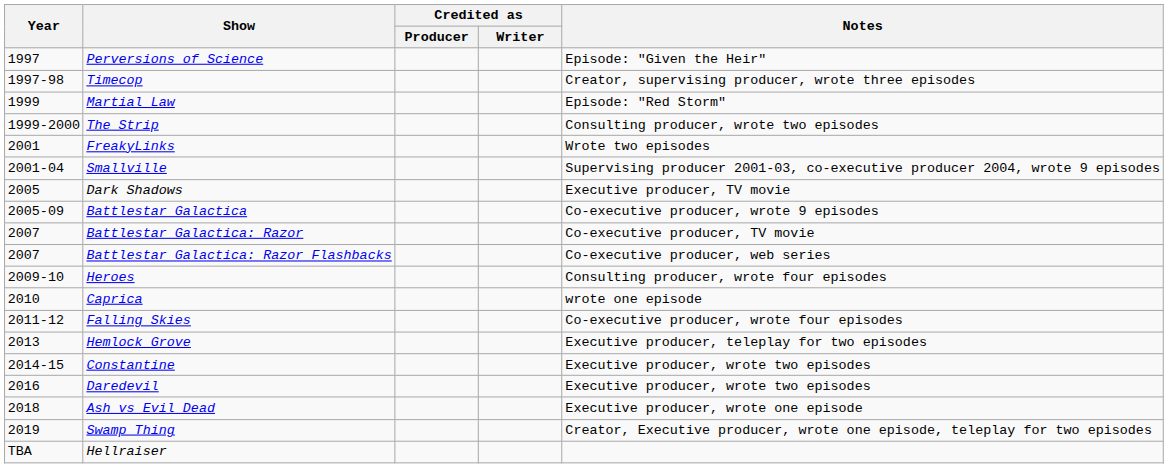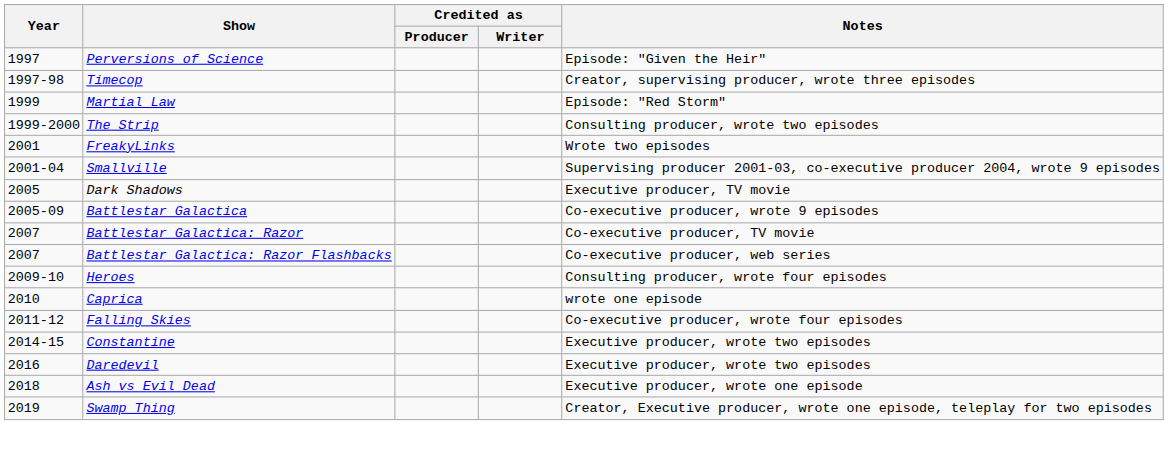 <table class="wikitable sortable">
 <tr>
 <th rowspan=2 style="width 33:px;">Year</th>
 <th rowspan=2>Show</th>
 <th colspan=2>Credited as</th>
 <th rowspan=2>Notes</th>
 </tr>
 <tr>
 <th width=75>Producer</th>
 <th width=75>Writer</th>
 </tr>
 <tr>
 <td>1997</td>
 <td><em><a href='#'>Perversions of Science</a></em></td>
 <td></td>
 <td></td>
 <td>Episode: "Given the Heir"</td>
 </tr>
 <tr>
 <td>1997-98</td>
 <td><em><a href='#'>Timecop</a></em></td>
 <td></td>
 <td></td>
 <td>Creator, supervising producer, wrote three episodes</td>
 </tr>
 <tr>
 <td>1999</td>
 <td><em><a href='#'>Martial Law</a></em></td>
 <td></td>
 <td></td>
 <td>Episode: "Red Storm"</td>
 </tr>
 <tr>
 <td>1999-2000</td>
 <td><em><a href='#'>The Strip</a></em></td>
 <td></td>
 <td></td>
 <td>Consulting producer, wrote two episodes</td>
 </tr>
 <tr>
 <td>2001</td>
 <td><em><a href='#'>FreakyLinks</a></em></td>
 <td></td>
 <td></td>
 <td>Wrote two episodes</td>
 </tr>
 <tr>
 <td>2001-04</td>
 <td><em><a href='#'>Smallville</a></em></td>
 <td></td>
 <td></td>
 <td>Supervising producer 2001-03, co-executive producer 2004, wrote 9 episodes</td>
 </tr>
 <tr>
 <td>2005</td>
 <td><em>Dark Shadows</em></td>
 <td></td>
 <td></td>
 <td>Executive producer, TV movie</td>
 </tr>
 <tr>
 <td>2005-09</td>
 <td><em><a href='#'>Battlestar Galactica</a></em></td>
 <td></td>
 <td></td>
 <td>Co-executive producer, wrote 9 episodes</td>
 </tr>
 <tr>
 <td>2007</td>
 <td><em><a href='#'>Battlestar Galactica: Razor</a></em></td>
 <td></td>
 <td></td>
 <td>Co-executive producer, TV movie</td>
 </tr>
 <tr>
 <td>2007</td>
 <td><em><a href='#'>Battlestar Galactica: Razor Flashbacks</a></em></td>
 <td></td>
 <td></td>
 <td>Co-executive producer, web series</td>
 </tr>
 <tr>
 <td>2009-10</td>
 <td><em><a href='#'>Heroes</a></em></td>
 <td></td>
 <td></td>
 <td>Consulting producer, wrote four episodes</td>
 </tr>
 <tr>
 <td>2010</td>
 <td><em><a href='#'>Caprica</a></em></td>
 <td></td>
 <td></td>
 <td>wrote one episode</td>
 </tr>
 <tr>
 <td>2011-12</td>
 <td><em><a href='#'>Falling Skies</a></em></td>
 <td></td>
 <td></td>
 <td>Co-executive producer, wrote four episodes</td>
 </tr>
 <tr>
-<td>2013</td>
-<td><em><a href='#'>Hemlock Grove</a></em></td>
-<td></td>
-<td></td>
-<td>Executive producer, teleplay for two episodes</td>
-</tr>
-<tr>
 <td>2014-15</td>
 <td><em><a href='#'>Constantine</a></em></td>
 <td></td>
 <td></td>
 <td>Executive producer, wrote two episodes</td>
 </tr>
 <tr>
 <td>2016</td>
 <td><em><a href='#'>Daredevil</a></em></td>
 <td></td>
 <td></td>
 <td>Executive producer, wrote two episodes</td>
 </tr>
 <tr>
 <td>2018</td>
 <td><em><a href='#'>Ash vs Evil Dead</a></em></td>
 <td></td>
 <td></td>
 <td>Executive producer, wrote one episode</td>
 </tr>
 <tr>
 <td>2019</td>
 <td><em><a href='#'>Swamp Thing</a></em></td>
 <td></td>
 <td></td>
 <td>Creator, Executive producer, wrote one episode, teleplay for two episodes</td>
 </tr>
-<tr>
-<td>TBA</td>
-<td><em>Hellraiser</em></td>
-<td></td>
-<td></td>
-<td></td>
-</tr>
 </table>
